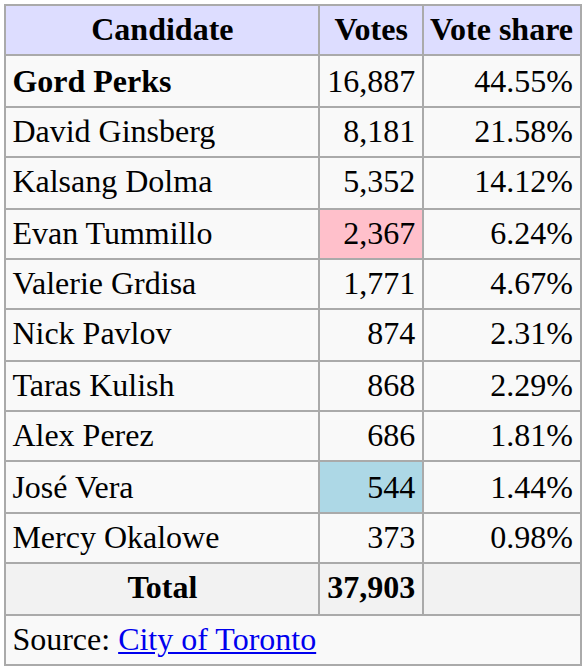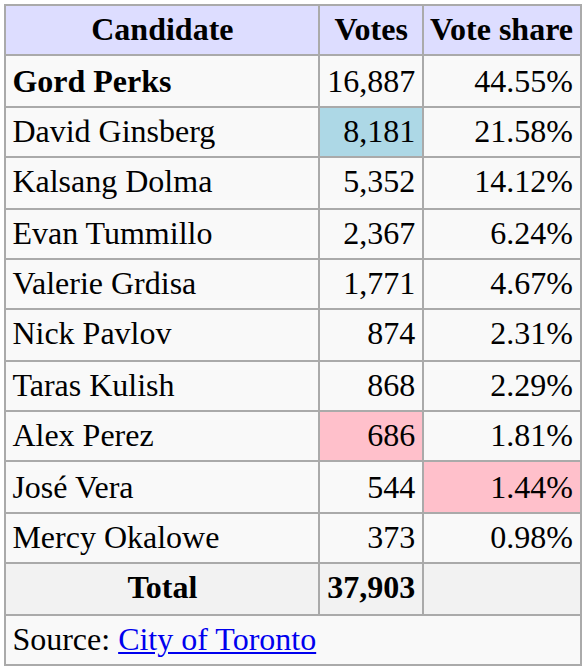 <table class="wikitable plainrowheaders">
 <tr>
 <th scope="col" style="background:#ddf; width:150px;">Candidate</th>
 <th scope="col" style="background:#ddf;">Votes</th>
 <th scope="col" style="background:#ddf;">Vote share</th>
 </tr>
 <tr>
 <td scope="row"><strong>Gord Perks</strong></td>
 <td align="right">16,887</td>
 <td align="right">44.55%</td>
 </tr>
 <tr>
 <td scope="row">David Ginsberg</td>
-<td align="right">8,181</td>
+<td align="right" style="background: lightblue;">8,181</td>
 <td align="right">21.58%</td>
 </tr>
 <tr>
 <td scope="row">Kalsang Dolma</td>
 <td align="right">5,352</td>
 <td align="right">14.12%</td>
 </tr>
 <tr>
 <td scope="row">Evan Tummillo</td>
-<td align="right" style="background: pink;">2,367</td>
+<td align="right">2,367</td>
 <td align="right">6.24%</td>
 </tr>
 <tr>
 <td scope="row">Valerie Grdisa</td>
 <td align="right">1,771</td>
 <td align="right">4.67%</td>
 </tr>
 <tr>
 <td scope="row">Nick Pavlov</td>
 <td align="right">874</td>
 <td align="right">2.31%</td>
 </tr>
 <tr>
 <td scope="row">Taras Kulish</td>
 <td align="right">868</td>
 <td align="right">2.29%</td>
 </tr>
 <tr>
 <td scope="row">Alex Perez</td>
-<td align="right">686</td>
+<td align="right" style="background: pink;">686</td>
 <td align="right">1.81%</td>
 </tr>
 <tr>
 <td>José Vera</td>
-<td align="right" style="background: lightblue;">544</td>
-<td align="right">1.44%</td>
+<td align="right">544</td>
+<td align="right" style="background: pink;">1.44%</td>
 </tr>
 <tr>
 <td scope="row">Mercy Okalowe</td>
 <td align="right">373</td>
 <td align="right">0.98%</td>
 </tr>
 <tr>
 <th scope="row">Total</th>
 <th align="right">37,903</th>
 <th align="right"></th>
 </tr>
 <tr>
 <td colspan="3">Source: <a href='#'>City of Toronto</a></td>
 </tr>
 </table>
